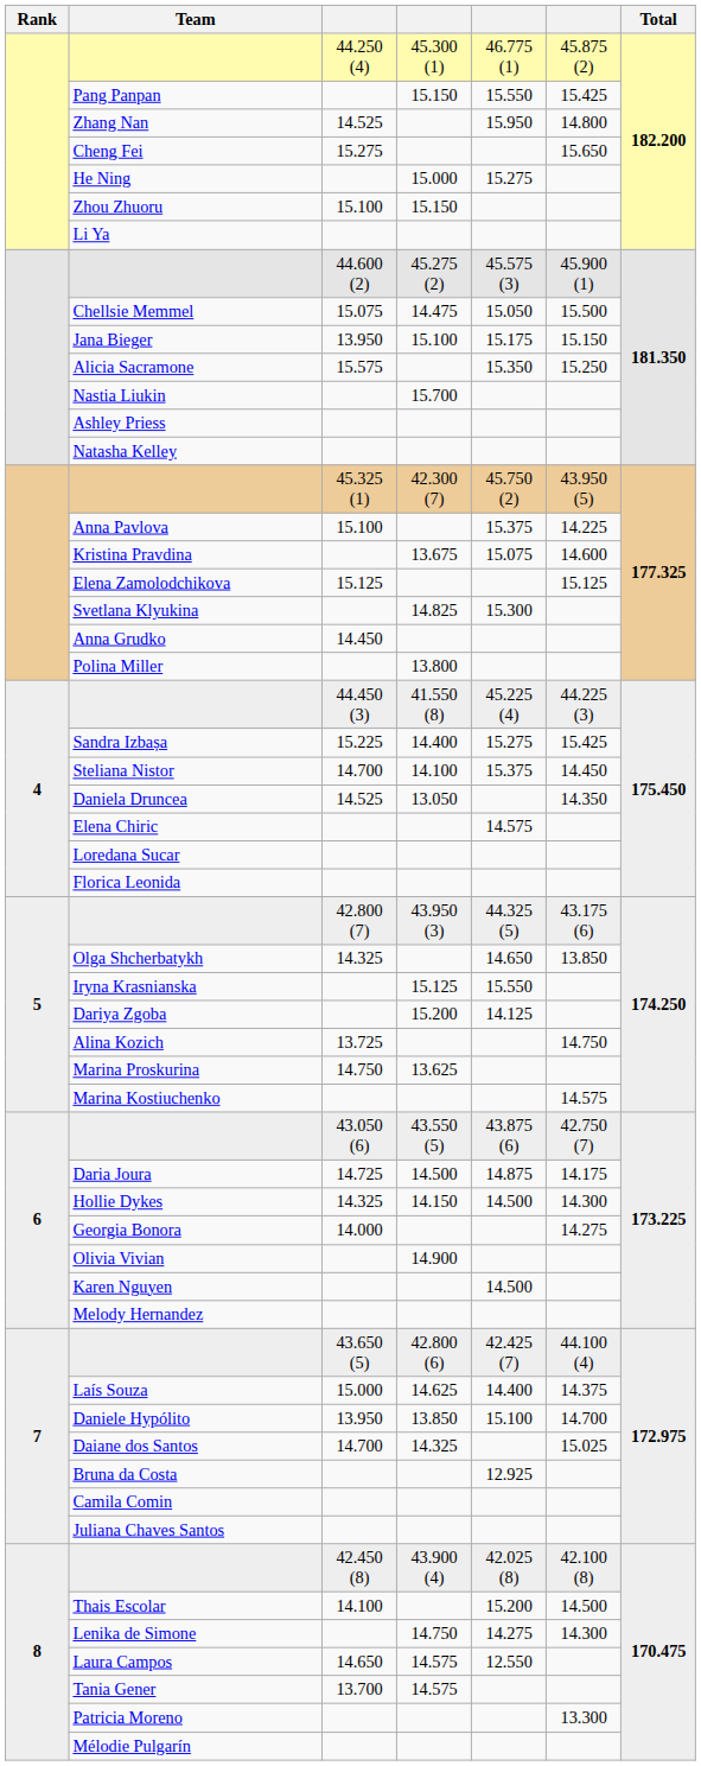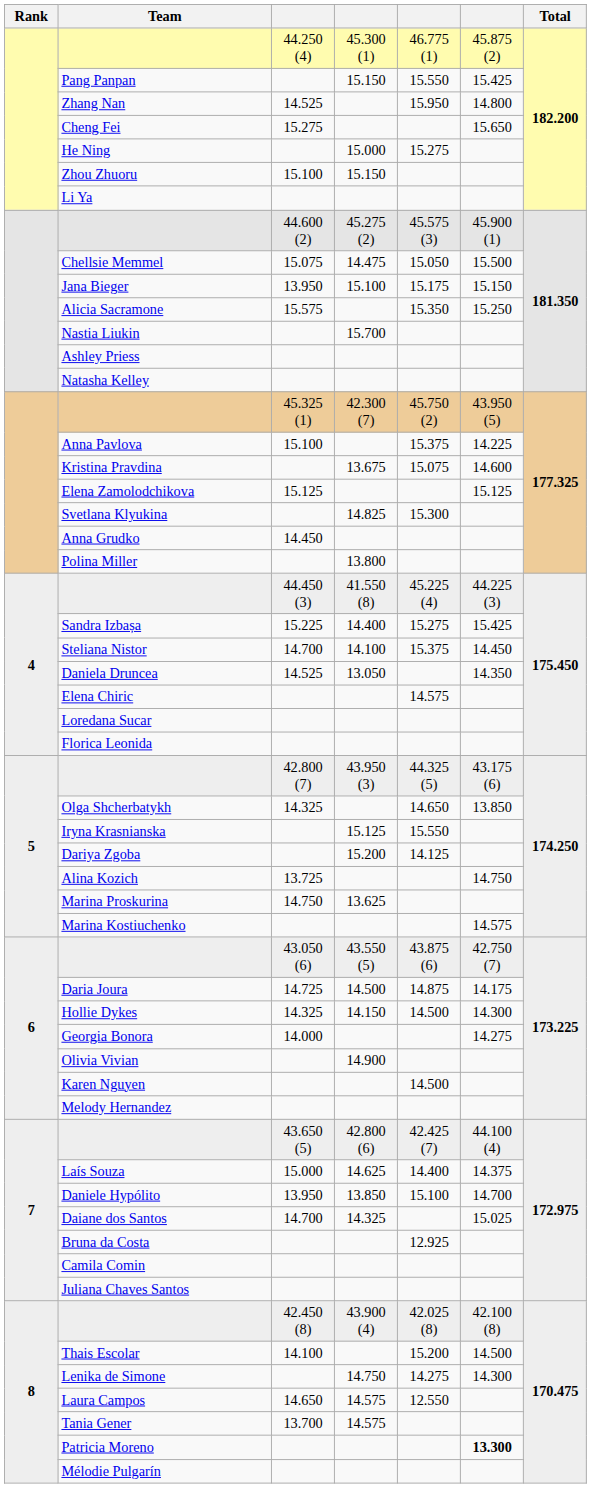 <table class="wikitable" style="text-align:center; font-size:95%">
 <tr>
 <th scope="col" style="width:50px;">Rank</th>
 <th scope="col" style="width:220px;">Team</th>
 <th scope="col" style="width:60px;"></th>
 <th scope="col" style="width:60px;"></th>
 <th scope="col" style="width:60px;"></th>
 <th scope="col" style="width:60px;"></th>
 <th scope="col" style="width:60px;">Total</th>
 </tr>
 <tr style="background:#fffcaf;">
 <td rowspan=7></td>
 <td style="text-align:left;"><strong></strong></td>
 <td>44.250 (4)</td>
 <td>45.300 (1)</td>
 <td>46.775 (1)</td>
 <td>45.875 (2)</td>
 <td rowspan=7><strong>182.200</strong></td>
 </tr>
 <tr>
 <td style="text-align:left;"><a href='#'>Pang Panpan</a></td>
 <td></td>
 <td>15.150</td>
 <td>15.550</td>
 <td>15.425</td>
 </tr>
 <tr>
 <td style="text-align:left;"><a href='#'>Zhang Nan</a></td>
 <td>14.525</td>
 <td></td>
 <td>15.950</td>
 <td>14.800</td>
 </tr>
 <tr>
 <td style="text-align:left;"><a href='#'>Cheng Fei</a></td>
 <td>15.275</td>
 <td></td>
 <td></td>
 <td>15.650</td>
 </tr>
 <tr>
 <td style="text-align:left;"><a href='#'>He Ning</a></td>
 <td></td>
 <td>15.000</td>
 <td>15.275</td>
 <td></td>
 </tr>
 <tr>
 <td style="text-align:left;"><a href='#'>Zhou Zhuoru</a></td>
 <td>15.100</td>
 <td>15.150</td>
 <td></td>
 <td></td>
 </tr>
 <tr>
 <td style="text-align:left;"><a href='#'>Li Ya</a></td>
 <td></td>
 <td></td>
 <td></td>
 <td></td>
 </tr>
 <tr style="background:#e5e5e5;">
 <td rowspan=7></td>
 <td style="text-align:left;"><strong></strong></td>
 <td>44.600 (2)</td>
 <td>45.275 (2)</td>
 <td>45.575 (3)</td>
 <td>45.900 (1)</td>
 <td rowspan=7><strong>181.350</strong></td>
 </tr>
 <tr>
 <td style="text-align:left;"><a href='#'>Chellsie Memmel</a></td>
 <td>15.075</td>
 <td>14.475</td>
 <td>15.050</td>
 <td>15.500</td>
 </tr>
 <tr>
 <td style="text-align:left;"><a href='#'>Jana Bieger</a></td>
 <td>13.950</td>
 <td>15.100</td>
 <td>15.175</td>
 <td>15.150</td>
 </tr>
 <tr>
 <td style="text-align:left;"><a href='#'>Alicia Sacramone</a></td>
 <td>15.575</td>
 <td></td>
 <td>15.350</td>
 <td>15.250</td>
 </tr>
 <tr>
 <td style="text-align:left;"><a href='#'>Nastia Liukin</a></td>
 <td></td>
 <td>15.700</td>
 <td></td>
 <td></td>
 </tr>
 <tr>
 <td style="text-align:left;"><a href='#'>Ashley Priess</a></td>
 <td></td>
 <td></td>
 <td></td>
 <td></td>
 </tr>
 <tr>
 <td style="text-align:left;"><a href='#'>Natasha Kelley</a></td>
 <td></td>
 <td></td>
 <td></td>
 <td></td>
 </tr>
 <tr style="background:#ec9;">
 <td rowspan=7></td>
 <td style="text-align:left;"><strong></strong></td>
 <td>45.325 (1)</td>
 <td>42.300 (7)</td>
 <td>45.750 (2)</td>
 <td>43.950 (5)</td>
 <td rowspan=7><strong>177.325</strong></td>
 </tr>
 <tr>
 <td style="text-align:left;"><a href='#'>Anna Pavlova</a></td>
 <td>15.100</td>
 <td></td>
 <td>15.375</td>
 <td>14.225</td>
 </tr>
 <tr>
 <td style="text-align:left;"><a href='#'>Kristina Pravdina</a></td>
 <td></td>
 <td>13.675</td>
 <td>15.075</td>
 <td>14.600</td>
 </tr>
 <tr>
 <td style="text-align:left;"><a href='#'>Elena Zamolodchikova</a></td>
 <td>15.125</td>
 <td></td>
 <td></td>
 <td>15.125</td>
 </tr>
 <tr>
 <td style="text-align:left;"><a href='#'>Svetlana Klyukina</a></td>
 <td></td>
 <td>14.825</td>
 <td>15.300</td>
 <td></td>
 </tr>
 <tr>
 <td style="text-align:left;"><a href='#'>Anna Grudko</a></td>
 <td>14.450</td>
 <td></td>
 <td></td>
 <td></td>
 </tr>
 <tr>
 <td style="text-align:left;"><a href='#'>Polina Miller</a></td>
 <td></td>
 <td>13.800</td>
 <td></td>
 <td></td>
 </tr>
 <tr style="background:#eee;">
 <td rowspan=7><strong>4</strong></td>
 <td style="text-align:left;"><strong></strong></td>
 <td>44.450 (3)</td>
 <td>41.550 (8)</td>
 <td>45.225 (4)</td>
 <td>44.225 (3)</td>
 <td rowspan=7><strong>175.450</strong></td>
 </tr>
 <tr>
 <td style="text-align:left;"><a href='#'>Sandra Izbașa</a></td>
 <td>15.225</td>
 <td>14.400</td>
 <td>15.275</td>
 <td>15.425</td>
 </tr>
 <tr>
 <td style="text-align:left;"><a href='#'>Steliana Nistor</a></td>
 <td>14.700</td>
 <td>14.100</td>
 <td>15.375</td>
 <td>14.450</td>
 </tr>
 <tr>
 <td style="text-align:left;"><a href='#'>Daniela Druncea</a></td>
 <td>14.525</td>
 <td>13.050</td>
 <td></td>
 <td>14.350</td>
 </tr>
 <tr>
 <td style="text-align:left;"><a href='#'>Elena Chiric</a></td>
 <td></td>
 <td></td>
 <td>14.575</td>
 <td></td>
 </tr>
 <tr>
 <td style="text-align:left;"><a href='#'>Loredana Sucar</a></td>
 <td></td>
 <td></td>
 <td></td>
 <td></td>
 </tr>
 <tr>
 <td style="text-align:left;"><a href='#'>Florica Leonida</a></td>
 <td></td>
 <td></td>
 <td></td>
 <td></td>
 </tr>
 <tr style="background:#eee;">
 <td rowspan=7><strong>5</strong></td>
 <td style="text-align:left;"><strong></strong></td>
 <td>42.800 (7)</td>
 <td>43.950 (3)</td>
 <td>44.325 (5)</td>
 <td>43.175 (6)</td>
 <td rowspan=7><strong>174.250</strong></td>
 </tr>
 <tr>
 <td style="text-align:left;"><a href='#'>Olga Shcherbatykh</a></td>
 <td>14.325</td>
 <td></td>
 <td>14.650</td>
 <td>13.850</td>
 </tr>
 <tr>
 <td style="text-align:left;"><a href='#'>Iryna Krasnianska</a></td>
 <td></td>
 <td>15.125</td>
 <td>15.550</td>
 <td></td>
 </tr>
 <tr>
 <td style="text-align:left;"><a href='#'>Dariya Zgoba</a></td>
 <td></td>
 <td>15.200</td>
 <td>14.125</td>
 <td></td>
 </tr>
 <tr>
 <td style="text-align:left;"><a href='#'>Alina Kozich</a></td>
 <td>13.725</td>
 <td></td>
 <td></td>
 <td>14.750</td>
 </tr>
 <tr>
 <td style="text-align:left;"><a href='#'>Marina Proskurina</a></td>
 <td>14.750</td>
 <td>13.625</td>
 <td></td>
 <td></td>
 </tr>
 <tr>
 <td style="text-align:left;"><a href='#'>Marina Kostiuchenko</a></td>
 <td></td>
 <td></td>
 <td></td>
 <td>14.575</td>
 </tr>
 <tr style="background:#eee;">
 <td rowspan=7><strong>6</strong></td>
 <td style="text-align:left;"><strong></strong></td>
 <td>43.050 (6)</td>
 <td>43.550 (5)</td>
 <td>43.875 (6)</td>
 <td>42.750 (7)</td>
 <td rowspan=7><strong>173.225</strong></td>
 </tr>
 <tr>
 <td style="text-align:left;"><a href='#'>Daria Joura</a></td>
 <td>14.725</td>
 <td>14.500</td>
 <td>14.875</td>
 <td>14.175</td>
 </tr>
 <tr>
 <td style="text-align:left;"><a href='#'>Hollie Dykes</a></td>
 <td>14.325</td>
 <td>14.150</td>
 <td>14.500</td>
 <td>14.300</td>
 </tr>
 <tr>
 <td style="text-align:left;"><a href='#'>Georgia Bonora</a></td>
 <td>14.000</td>
 <td></td>
 <td></td>
 <td>14.275</td>
 </tr>
 <tr>
 <td style="text-align:left;"><a href='#'>Olivia Vivian</a></td>
 <td></td>
 <td>14.900</td>
 <td></td>
 <td></td>
 </tr>
 <tr>
 <td style="text-align:left;"><a href='#'>Karen Nguyen</a></td>
 <td></td>
 <td></td>
 <td>14.500</td>
 <td></td>
 </tr>
 <tr>
 <td style="text-align:left;"><a href='#'>Melody Hernandez</a></td>
 <td></td>
 <td></td>
 <td></td>
 <td></td>
 </tr>
 <tr style="background:#eee;">
 <td rowspan=7><strong>7</strong></td>
 <td style="text-align:left;"><strong></strong></td>
 <td>43.650 (5)</td>
 <td>42.800 (6)</td>
 <td>42.425 (7)</td>
 <td>44.100 (4)</td>
 <td rowspan=7><strong>172.975</strong></td>
 </tr>
 <tr>
 <td style="text-align:left;"><a href='#'>Laís Souza</a></td>
 <td>15.000</td>
 <td>14.625</td>
 <td>14.400</td>
 <td>14.375</td>
 </tr>
 <tr>
 <td style="text-align:left;"><a href='#'>Daniele Hypólito</a></td>
 <td>13.950</td>
 <td>13.850</td>
 <td>15.100</td>
 <td>14.700</td>
 </tr>
 <tr>
 <td style="text-align:left;"><a href='#'>Daiane dos Santos</a></td>
 <td>14.700</td>
 <td>14.325</td>
 <td></td>
 <td>15.025</td>
 </tr>
 <tr>
 <td style="text-align:left;"><a href='#'>Bruna da Costa</a></td>
 <td></td>
 <td></td>
 <td>12.925</td>
 <td></td>
 </tr>
 <tr>
 <td style="text-align:left;"><a href='#'>Camila Comin</a></td>
 <td></td>
 <td></td>
 <td></td>
 <td></td>
 </tr>
 <tr>
 <td style="text-align:left;"><a href='#'>Juliana Chaves Santos</a></td>
 <td></td>
 <td></td>
 <td></td>
 <td></td>
 </tr>
 <tr style="background:#eee;">
 <td rowspan=7><strong>8</strong></td>
 <td style="text-align:left;"><strong></strong></td>
 <td>42.450 (8)</td>
 <td>43.900 (4)</td>
 <td>42.025 (8)</td>
 <td>42.100 (8)</td>
 <td rowspan=7><strong>170.475</strong></td>
 </tr>
 <tr>
 <td style="text-align:left;"><a href='#'>Thais Escolar</a></td>
 <td>14.100</td>
 <td></td>
 <td>15.200</td>
 <td>14.500</td>
 </tr>
 <tr>
 <td style="text-align:left;"><a href='#'>Lenika de Simone</a></td>
 <td></td>
 <td>14.750</td>
 <td>14.275</td>
 <td>14.300</td>
 </tr>
 <tr>
 <td style="text-align:left;"><a href='#'>Laura Campos</a></td>
 <td>14.650</td>
 <td>14.575</td>
 <td>12.550</td>
 <td></td>
 </tr>
 <tr>
 <td style="text-align:left;"><a href='#'>Tania Gener</a></td>
 <td>13.700</td>
 <td>14.575</td>
 <td></td>
 <td></td>
 </tr>
 <tr>
 <td style="text-align:left;"><a href='#'>Patricia Moreno</a></td>
 <td></td>
 <td></td>
 <td></td>
-<td>13.300</td>
+<td><strong>13.300</strong></td>
 </tr>
 <tr>
 <td style="text-align:left;"><a href='#'>Mélodie Pulgarín</a></td>
 <td></td>
 <td></td>
 <td></td>
 <td></td>
 </tr>
 </table>
